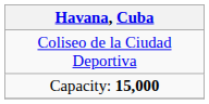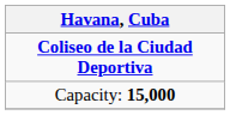 <table class="wikitable" style=text-align:center width=200>
 <tr>
 <th> <a href='#'>Havana</a>, <a href='#'>Cuba</a></th>
 </tr>
 <tr>
-<td><a href='#'>Coliseo de la Ciudad Deportiva</a></td>
+<td><strong><a href='#'>Coliseo de la Ciudad Deportiva</a></strong></td>
 </tr>
 <tr>
 <td>Capacity: <strong>15,000</strong></td>
 </tr>
 <tr>
 </tr>
 </table>
